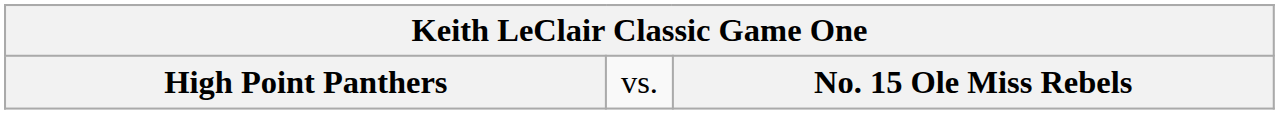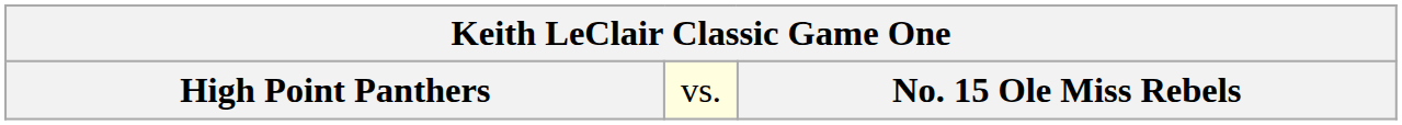 <table class="wikitable">
 <tr>
 <th style="width: 604px;" colspan=3>Keith LeClair Classic Game One</th>
 </tr>
 <tr>
 <th style="width: 289px; ">High Point Panthers</th>
-<td style="width: 25px; text-align:center">vs.</td>
+<td style="background: lightyellow; width: 25px; text-align:center">vs.</td>
 <th style="width: 289px; ">No. 15 Ole Miss Rebels</th>
 </tr>
 </table>
